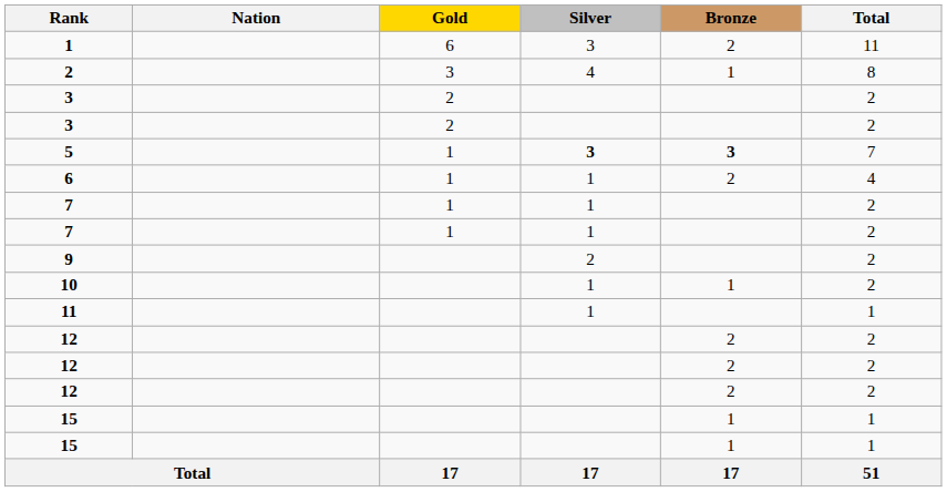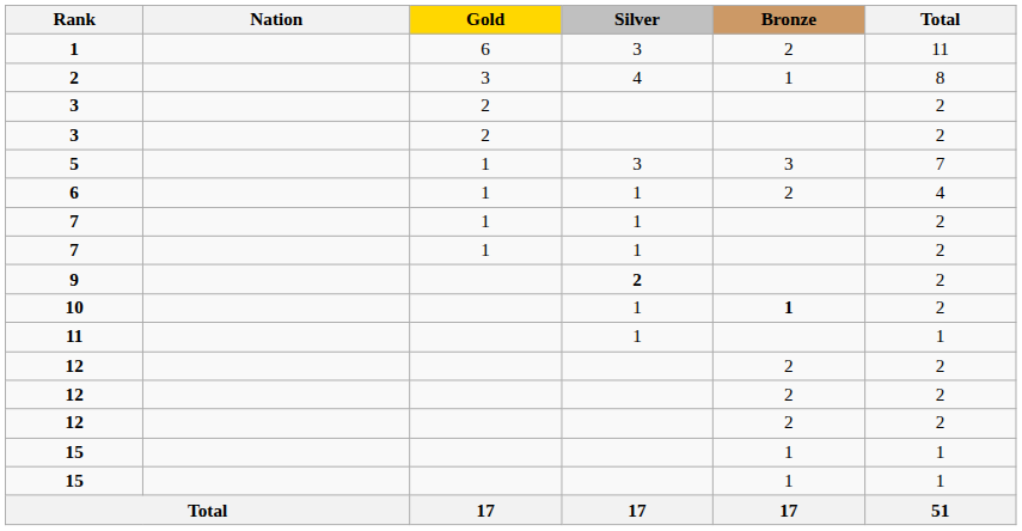 <table class="wikitable collapsible autocollapse plainrowheaders" width=70.5% style="text-align:center;">
 <tr style="background-color:#EDEDED;">
 <th width=100px class="hintergrundfarbe5">Rank</th>
 <th width=200px class="hintergrundfarbe6">Nation</th>
 <th style="background:    gold; width:15%">Gold</th>
 <th style="background:  silver; width:15%">Silver</th>
 <th style="background: #CC9966; width:15%">Bronze</th>
 <th class="hintergrundfarbe6" style="width:15%">Total</th>
 </tr>
 <tr>
 <td><strong>1</strong></td>
 <td align=left></td>
 <td>6</td>
 <td>3</td>
 <td>2</td>
 <td>11</td>
 </tr>
 <tr>
 <td><strong>2</strong></td>
 <td align=left></td>
 <td>3</td>
 <td>4</td>
 <td>1</td>
 <td>8</td>
 </tr>
 <tr>
 <td><strong>3</strong></td>
 <td align=left></td>
 <td>2</td>
 <td></td>
 <td></td>
 <td>2</td>
 </tr>
 <tr>
 <td><strong>3</strong></td>
 <td align=left></td>
 <td>2</td>
 <td></td>
 <td></td>
 <td>2</td>
 </tr>
 <tr>
 <td><strong>5</strong></td>
 <td align=left></td>
 <td>1</td>
-<td><strong>3</strong></td>
-<td><strong>3</strong></td>
+<td>3</td>
+<td>3</td>
 <td>7</td>
 </tr>
 <tr>
 <td><strong>6</strong></td>
 <td align=left></td>
 <td>1</td>
 <td>1</td>
 <td>2</td>
 <td>4</td>
 </tr>
 <tr>
 <td><strong>7</strong></td>
 <td align=left></td>
 <td>1</td>
 <td>1</td>
 <td></td>
 <td>2</td>
 </tr>
 <tr>
 <td><strong>7</strong></td>
 <td align=left></td>
 <td>1</td>
 <td>1</td>
 <td></td>
 <td>2</td>
 </tr>
 <tr>
 <td><strong>9</strong></td>
 <td align=left></td>
 <td></td>
-<td>2</td>
+<td><strong>2</strong></td>
 <td></td>
 <td>2</td>
 </tr>
 <tr>
 <td><strong>10</strong></td>
 <td align=left></td>
 <td></td>
 <td>1</td>
-<td>1</td>
+<td><strong>1</strong></td>
 <td>2</td>
 </tr>
 <tr>
 <td><strong>11</strong></td>
 <td align=left></td>
 <td></td>
 <td>1</td>
 <td></td>
 <td>1</td>
 </tr>
 <tr>
 <td><strong>12</strong></td>
 <td align=left></td>
 <td></td>
 <td></td>
 <td>2</td>
 <td>2</td>
 </tr>
 <tr>
 <td><strong>12</strong></td>
 <td align=left></td>
 <td></td>
 <td></td>
 <td>2</td>
 <td>2</td>
 </tr>
 <tr>
 <td><strong>12</strong></td>
 <td align=left></td>
 <td></td>
 <td></td>
 <td>2</td>
 <td>2</td>
 </tr>
 <tr>
 <td><strong>15</strong></td>
 <td align=left></td>
 <td></td>
 <td></td>
 <td>1</td>
 <td>1</td>
 </tr>
 <tr>
 <td><strong>15</strong></td>
 <td align=left></td>
 <td></td>
 <td></td>
 <td>1</td>
 <td>1</td>
 </tr>
 <tr>
 <th colspan=2>Total</th>
 <th>17</th>
 <th>17</th>
 <th>17</th>
 <th>51</th>
 </tr>
 </table>
